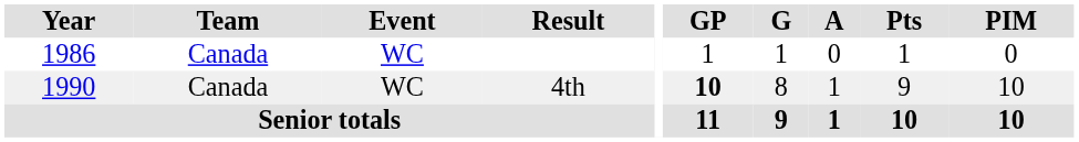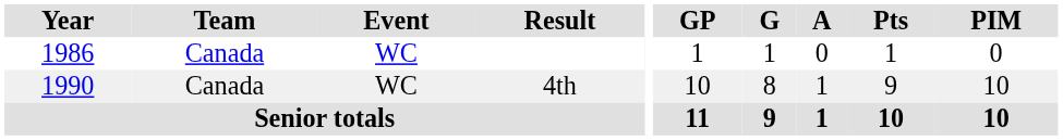 <table border="0" cellpadding="1" cellspacing="0" ID="Table3" style="text-align:center; width:40em">
 <tr bgcolor="#e0e0e0">
 <th>Year</th>
 <th>Team</th>
 <th>Event</th>
 <th>Result</th>
 <th rowspan="99" bgcolor="#ffffff"></th>
 <th>GP</th>
 <th>G</th>
 <th>A</th>
 <th>Pts</th>
 <th>PIM</th>
 </tr>
 <tr>
 <td><a href='#'>1986</a></td>
 <td><a href='#'>Canada</a></td>
 <td><a href='#'>WC</a></td>
 <td></td>
 <td>1</td>
 <td>1</td>
 <td>0</td>
 <td>1</td>
 <td>0</td>
 </tr>
 <tr bgcolor="#f0f0f0">
 <td><a href='#'>1990</a></td>
 <td>Canada</td>
 <td>WC</td>
 <td>4th</td>
-<td><strong>10</strong></td>
+<td>10</td>
 <td>8</td>
 <td>1</td>
 <td>9</td>
 <td>10</td>
 </tr>
 <tr bgcolor="#e0e0e0">
 <th colspan="4">Senior totals</th>
 <th>11</th>
 <th>9</th>
 <th>1</th>
 <th>10</th>
 <th>10</th>
 </tr>
 </table>
